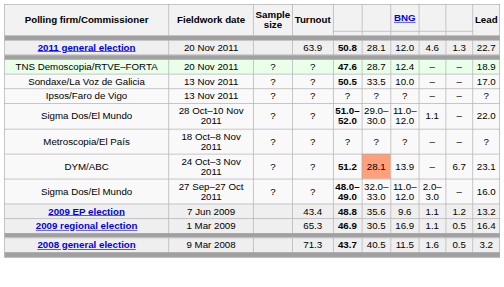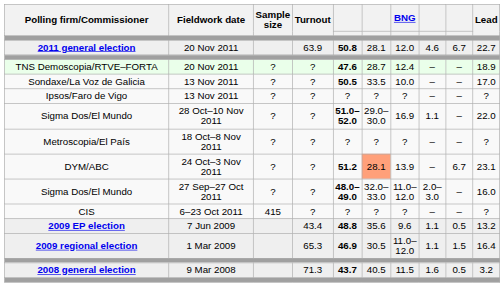 <table class="wikitable collapsible collapsed" style="text-align:center; font-size:95%; line-height:16px;">
 <tr style="height:42px;">
 <th style="width:250px;" rowspan="2">Polling firm/Commissioner</th>
 <th style="width:125px;" rowspan="2">Fieldwork date</th>
 <th style="width:50px;" rowspan="2">Sample size</th>
 <th style="width:45px;" rowspan="2">Turnout</th>
 <th style="width:35px;"></th>
 <th style="width:35px;"></th>
 <th style="width:35px;"><a href='#'>BNG</a></th>
 <th style="width:35px;"></th>
 <th style="width:35px;"></th>
 <th style="width:30px;" rowspan="2">Lead</th>
 </tr>
 <tr>
 <th style="color:inherit;background:"></th>
 <th style="color:inherit;background:"></th>
 <th style="color:inherit;background:"></th>
 <th style="color:inherit;background:"></th>
 <th style="color:inherit;background:"></th>
 </tr>
 <tr>
 <td colspan="10" style="background:#A0A0A0"></td>
 </tr>
 <tr style="background:#EFEFEF;">
 <td><strong><a href='#'>2011 general election</a></strong></td>
 <td>20 Nov 2011</td>
 <td></td>
 <td>63.9</td>
 <td><strong>50.8</strong><br></td>
 <td>28.1<br></td>
 <td>12.0<br></td>
 <td>4.6<br></td>
-<td>1.3<br></td>
+<td>6.7<br></td>
 <td style="background:">22.7</td>
 </tr>
 <tr>
 <td colspan="10" style="background:#A0A0A0"></td>
 </tr>
 <tr style="background:#EAFFEA;">
 <td>TNS Demoscopia/RTVE–FORTA</td>
 <td>20 Nov 2011</td>
 <td>?</td>
 <td>?</td>
 <td><strong>47.6</strong><br></td>
 <td>28.7<br></td>
 <td>12.4<br></td>
 <td>–</td>
 <td>–</td>
 <td style="background:">18.9</td>
 </tr>
 <tr>
 <td>Sondaxe/La Voz de Galicia</td>
 <td>13 Nov 2011</td>
 <td>?</td>
 <td>?</td>
 <td><strong>50.5</strong><br></td>
 <td>33.5<br></td>
 <td>10.0<br></td>
 <td>–</td>
 <td>–</td>
 <td style="background:">17.0</td>
 </tr>
 <tr>
 <td>Ipsos/Faro de Vigo</td>
 <td>13 Nov 2011</td>
 <td>?</td>
 <td>?</td>
 <td>?<br></td>
 <td>?<br></td>
 <td>?<br></td>
 <td>–</td>
 <td>–</td>
 <td style="background:">?</td>
 </tr>
 <tr>
 <td>Sigma Dos/El Mundo</td>
 <td>28 Oct–10 Nov 2011</td>
 <td>?</td>
 <td>?</td>
 <td><strong>51.0–<br>52.0</strong><br></td>
 <td>29.0–<br>30.0<br></td>
-<td>11.0–<br>12.0<br></td>
+<td>16.9<br></td>
 <td>1.1<br></td>
 <td>–</td>
 <td style="background:">22.0</td>
 </tr>
 <tr>
 <td>Metroscopia/El País</td>
 <td>18 Oct–8 Nov 2011</td>
 <td>?</td>
 <td>?</td>
 <td>?<br></td>
 <td>?<br></td>
 <td>?<br></td>
 <td>–</td>
 <td>–</td>
 <td style="background:">?</td>
 </tr>
 <tr>
 <td>DYM/ABC</td>
 <td>24 Oct–3 Nov 2011</td>
 <td>?</td>
 <td>?</td>
 <td><strong>51.2</strong><br></td>
 <td style="background: lightsalmon;">28.1<br></td>
 <td>13.9<br></td>
 <td>–</td>
 <td>6.7<br></td>
 <td style="background:">23.1</td>
 </tr>
 <tr>
 <td>Sigma Dos/El Mundo</td>
 <td>27 Sep–27 Oct 2011</td>
 <td>?</td>
 <td>?</td>
 <td><strong>48.0–<br>49.0</strong><br></td>
 <td>32.0–<br>33.0<br></td>
 <td>11.0–<br>12.0<br></td>
 <td>2.0–<br>3.0<br></td>
 <td>–</td>
 <td style="background:">16.0</td>
 </tr>
+<tr>
+<td>CIS</td>
+<td>6–23 Oct 2011</td>
+<td>415</td>
+<td>?</td>
+<td>?<br></td>
+<td>?<br></td>
+<td>?<br></td>
+<td>–</td>
+<td>–</td>
+<td style="background:">?</td>
+</tr>
 <tr style="background:#EFEFEF;">
 <td><strong><a href='#'>2009 EP election</a></strong></td>
 <td>7 Jun 2009</td>
 <td></td>
 <td>43.4</td>
 <td><strong>48.8</strong><br></td>
 <td>35.6<br></td>
 <td>9.6<br></td>
 <td>1.1<br></td>
-<td>1.2<br></td>
+<td>0.5<br></td>
 <td style="background:">13.2</td>
 </tr>
 <tr style="background:#EFEFEF;">
 <td><strong><a href='#'>2009 regional election</a></strong></td>
 <td>1 Mar 2009</td>
 <td></td>
 <td>65.3</td>
 <td><strong>46.9</strong><br></td>
 <td>30.5<br></td>
-<td>16.9<br></td>
+<td>11.0–<br>12.0<br></td>
 <td>1.1<br></td>
-<td>0.5<br></td>
+<td>1.5<br></td>
 <td style="background:">16.4</td>
 </tr>
 <tr>
 <td colspan="10" style="background:#A0A0A0"></td>
 </tr>
 <tr style="background:#EFEFEF;">
 <td><strong><a href='#'>2008 general election</a></strong></td>
 <td>9 Mar 2008</td>
 <td></td>
 <td>71.3</td>
 <td><strong>43.7</strong><br></td>
 <td>40.5<br></td>
 <td>11.5<br></td>
 <td>1.6<br></td>
 <td>0.5<br></td>
 <td style="background:">3.2</td>
 </tr>
 <tr>
 <td colspan="10" style="background:#A0A0A0"></td>
 </tr>
 </table>
